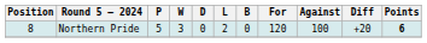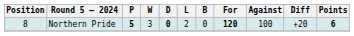 <table class="wikitable" style="text-align:center; font-size:85%;">
 <tr style="background: #d7ebed;">
 <th width="40" abbr="Position">Position</th>
 <th width="100">Round 5 – 2024</th>
 <th width="20" abbr="Played">P</th>
 <th width="20" abbr="Won">W</th>
 <th width="20" abbr="Drawn">D</th>
 <th width="20" abbr="Lost">L</th>
 <th width="20" abbr="Bye">B</th>
 <th width="40" abbr="Points for">For</th>
 <th width="40" abbr="Points against">Against</th>
 <th width="40" abbr="Points difference">Diff</th>
 <th width="40" abbr="Points">Points</th>
 </tr>
 <tr style="background: #d7ebed;">
 <td>8</td>
 <td style="text-align:left;"> Northern Pride</td>
-<td>5</td>
+<td><strong>5</strong></td>
 <td>3</td>
-<td>0</td>
+<td><strong>0</strong></td>
 <td>2</td>
 <td>0</td>
-<td>120</td>
+<td><strong>120</strong></td>
 <td>100</td>
 <td>+20</td>
 <td><strong>6</strong></td>
 </tr>
 <tr>
 </tr>
 </table>
